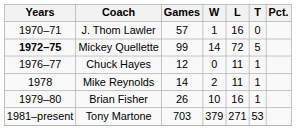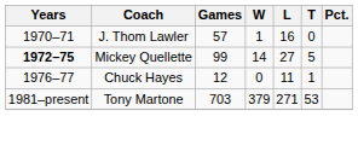 <table class="wikitable" style="text-align:center">
 <tr>
 <th>Years</th>
 <th>Coach</th>
 <th>Games</th>
 <th>W</th>
 <th>L</th>
 <th>T</th>
 <th>Pct.</th>
 </tr>
 <tr>
 <td>1970–71</td>
 <td>J. Thom Lawler</td>
 <td>57</td>
 <td>1</td>
 <td>16</td>
 <td>0</td>
 <td></td>
 </tr>
 <tr>
 <td><strong>1972–75</strong></td>
 <td>Mickey Quellette</td>
 <td>99</td>
 <td>14</td>
-<td>72</td>
+<td>27</td>
 <td>5</td>
 <td></td>
 </tr>
 <tr>
 <td>1976–77</td>
 <td>Chuck Hayes</td>
 <td>12</td>
 <td>0</td>
 <td>11</td>
-<td>1</td>
-<td></td>
-</tr>
-<tr>
-<td>1978</td>
-<td>Mike Reynolds</td>
-<td>14</td>
-<td>2</td>
-<td>11</td>
-<td>1</td>
-<td></td>
-</tr>
-<tr>
-<td>1979–80</td>
-<td>Brian Fisher</td>
-<td>26</td>
-<td>10</td>
-<td>16</td>
 <td>1</td>
 <td></td>
 </tr>
 <tr>
 <td>1981–present</td>
 <td>Tony Martone</td>
 <td>703</td>
 <td>379</td>
 <td>271</td>
 <td>53</td>
 <td></td>
 </tr>
 <tr>
 </tr>
 </table>
